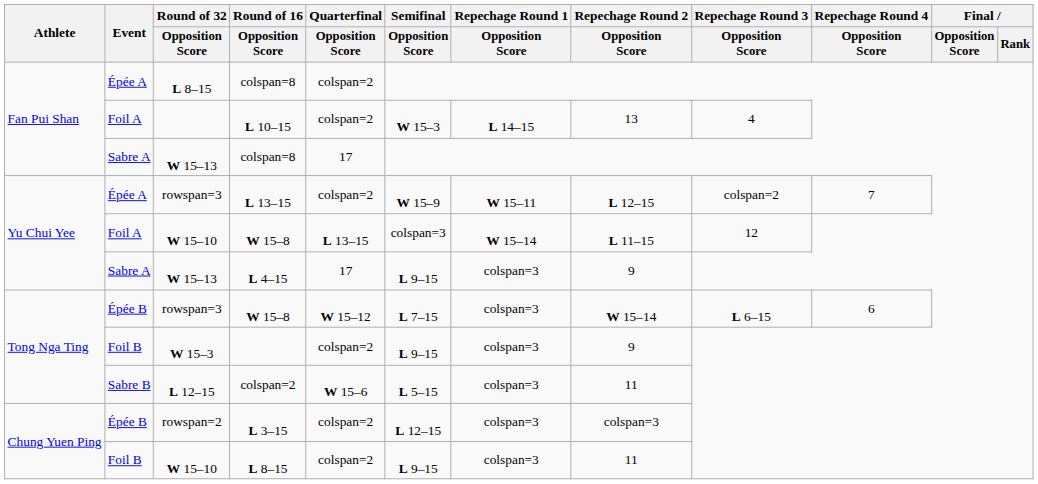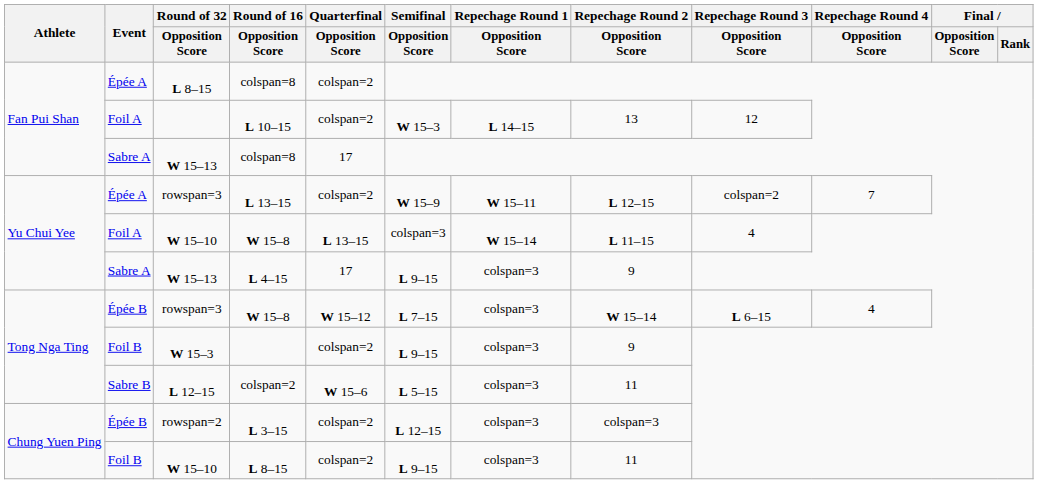 <table class="wikitable" style="text-align:center; font-size:90%">
 <tr>
 <th rowspan=2>Athlete</th>
 <th rowspan=2>Event</th>
 <th>Round of 32</th>
 <th>Round of 16</th>
 <th>Quarterfinal</th>
 <th>Semifinal</th>
 <th>Repechage Round 1</th>
 <th>Repechage Round 2</th>
 <th>Repechage Round 3</th>
 <th>Repechage Round 4</th>
 <th colspan=2>Final / </th>
 </tr>
 <tr style="font-size:95%">
 <th>Opposition<br>Score</th>
 <th>Opposition<br>Score</th>
 <th>Opposition<br>Score</th>
 <th>Opposition<br>Score</th>
 <th>Opposition<br>Score</th>
 <th>Opposition<br>Score</th>
 <th>Opposition<br>Score</th>
 <th>Opposition<br>Score</th>
 <th>Opposition<br>Score</th>
 <th>Rank</th>
 </tr>
 <tr style="text-align:center">
 <td style="text-align:left" rowspan=3><a href='#'>Fan Pui Shan</a></td>
 <td style="text-align:left"><a href='#'>Épée A</a></td>
 <td><br><strong>L</strong> 8–15</td>
 <td>colspan=8 </td>
 <td>colspan=2 </td>
 </tr>
 <tr style="text-align:center">
 <td style="text-align:left"><a href='#'>Foil A</a></td>
 <td></td>
 <td><br><strong>L</strong> 10–15</td>
 <td>colspan=2 </td>
 <td><br><strong>W</strong> 15–3</td>
 <td><br><strong>L</strong> 14–15</td>
 <td>13</td>
-<td>4</td>
+<td>12</td>
 </tr>
 <tr style="text-align:center">
 <td style="text-align:left"><a href='#'>Sabre A</a></td>
 <td> <br><strong>W</strong> 15–13</td>
 <td>colspan=8 </td>
 <td>17</td>
 </tr>
 <tr style="text-align:center">
 <td style="text-align:left" rowspan=3><a href='#'>Yu Chui Yee</a></td>
 <td style="text-align:left"><a href='#'>Épée A</a></td>
 <td>rowspan=3 </td>
 <td><br><strong>L</strong> 13–15</td>
 <td>colspan=2 </td>
 <td><br><strong>W</strong> 15–9</td>
 <td><br><strong>W</strong> 15–11</td>
 <td> <br><strong>L</strong> 12–15</td>
 <td>colspan=2 </td>
 <td>7</td>
 </tr>
 <tr style="text-align:center">
 <td style="text-align:left"><a href='#'>Foil A</a></td>
 <td><br><strong>W</strong> 15–10</td>
 <td><br><strong>W</strong> 15–8</td>
 <td><br><strong>L</strong> 13–15</td>
 <td>colspan=3 </td>
 <td><br><strong>W</strong> 15–14</td>
 <td> <br><strong>L</strong> 11–15</td>
-<td>12</td>
+<td>4</td>
 </tr>
 <tr style="text-align:center">
 <td style="text-align:left"><a href='#'>Sabre A</a></td>
 <td> <br><strong>W</strong> 15–13</td>
 <td><br><strong>L</strong> 4–15</td>
 <td>17</td>
 <td><br><strong>L</strong> 9–15</td>
 <td>colspan=3 </td>
 <td>9</td>
 </tr>
 <tr style="text-align:center">
 <td style="text-align:left" rowspan=3><a href='#'>Tong Nga Ting</a></td>
 <td style="text-align:left"><a href='#'>Épée B</a></td>
 <td>rowspan=3 </td>
 <td> <br><strong>W</strong> 15–8</td>
 <td> <br><strong>W</strong> 15–12</td>
 <td> <br><strong>L</strong> 7–15</td>
 <td>colspan=3 </td>
 <td> <br><strong>W</strong> 15–14</td>
 <td> <br><strong>L</strong> 6–15</td>
-<td>6</td>
+<td>4</td>
 </tr>
 <tr style="text-align:center">
 <td style="text-align:left"><a href='#'>Foil B</a></td>
 <td><br><strong>W</strong> 15–3</td>
 <td></td>
 <td>colspan=2 </td>
 <td> <br><strong>L</strong> 9–15</td>
 <td>colspan=3 </td>
 <td>9</td>
 </tr>
 <tr style="text-align:center">
 <td style="text-align:left"><a href='#'>Sabre B</a></td>
 <td> <br><strong>L</strong> 12–15</td>
 <td>colspan=2 </td>
 <td><br><strong>W</strong> 15–6</td>
 <td> <br><strong>L</strong> 5–15</td>
 <td>colspan=3 </td>
 <td>11</td>
 </tr>
 <tr style="text-align:center">
 <td style="text-align:left" rowspan=2><a href='#'>Chung Yuen Ping</a></td>
 <td style="text-align:left"><a href='#'>Épée B</a></td>
 <td>rowspan=2 </td>
 <td><br><strong>L</strong> 3–15</td>
 <td>colspan=2 </td>
 <td> <br><strong>L</strong> 12–15</td>
 <td>colspan=3 </td>
 <td>colspan=3 </td>
 </tr>
 <tr style="text-align:center">
 <td style="text-align:left"><a href='#'>Foil B</a></td>
 <td> <br><strong>W</strong> 15–10</td>
 <td> <br><strong>L</strong> 8–15</td>
 <td>colspan=2 </td>
 <td> <br><strong>L</strong> 9–15</td>
 <td>colspan=3 </td>
 <td>11</td>
 </tr>
 </table>
